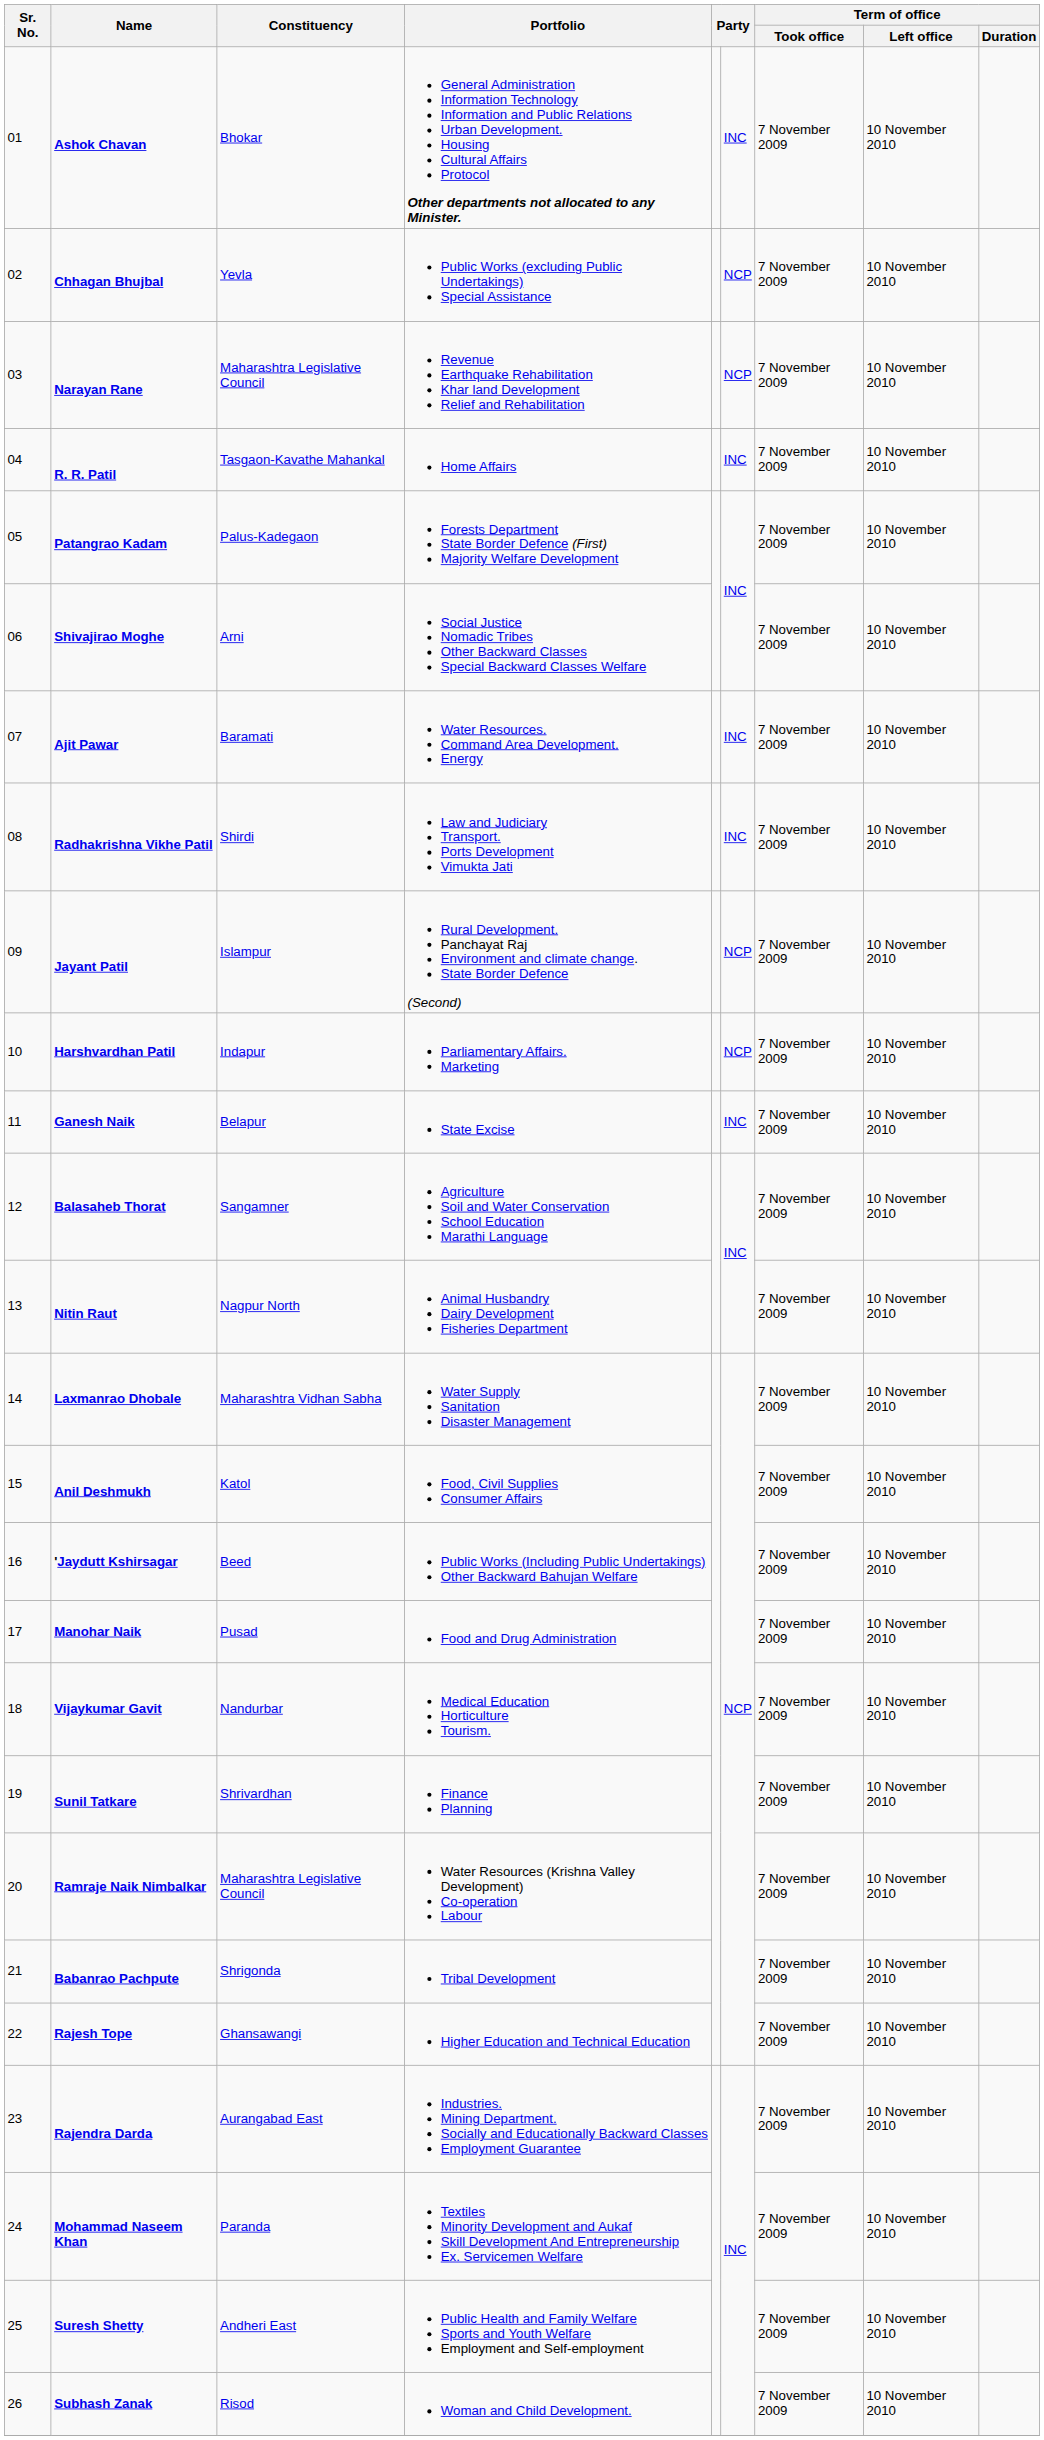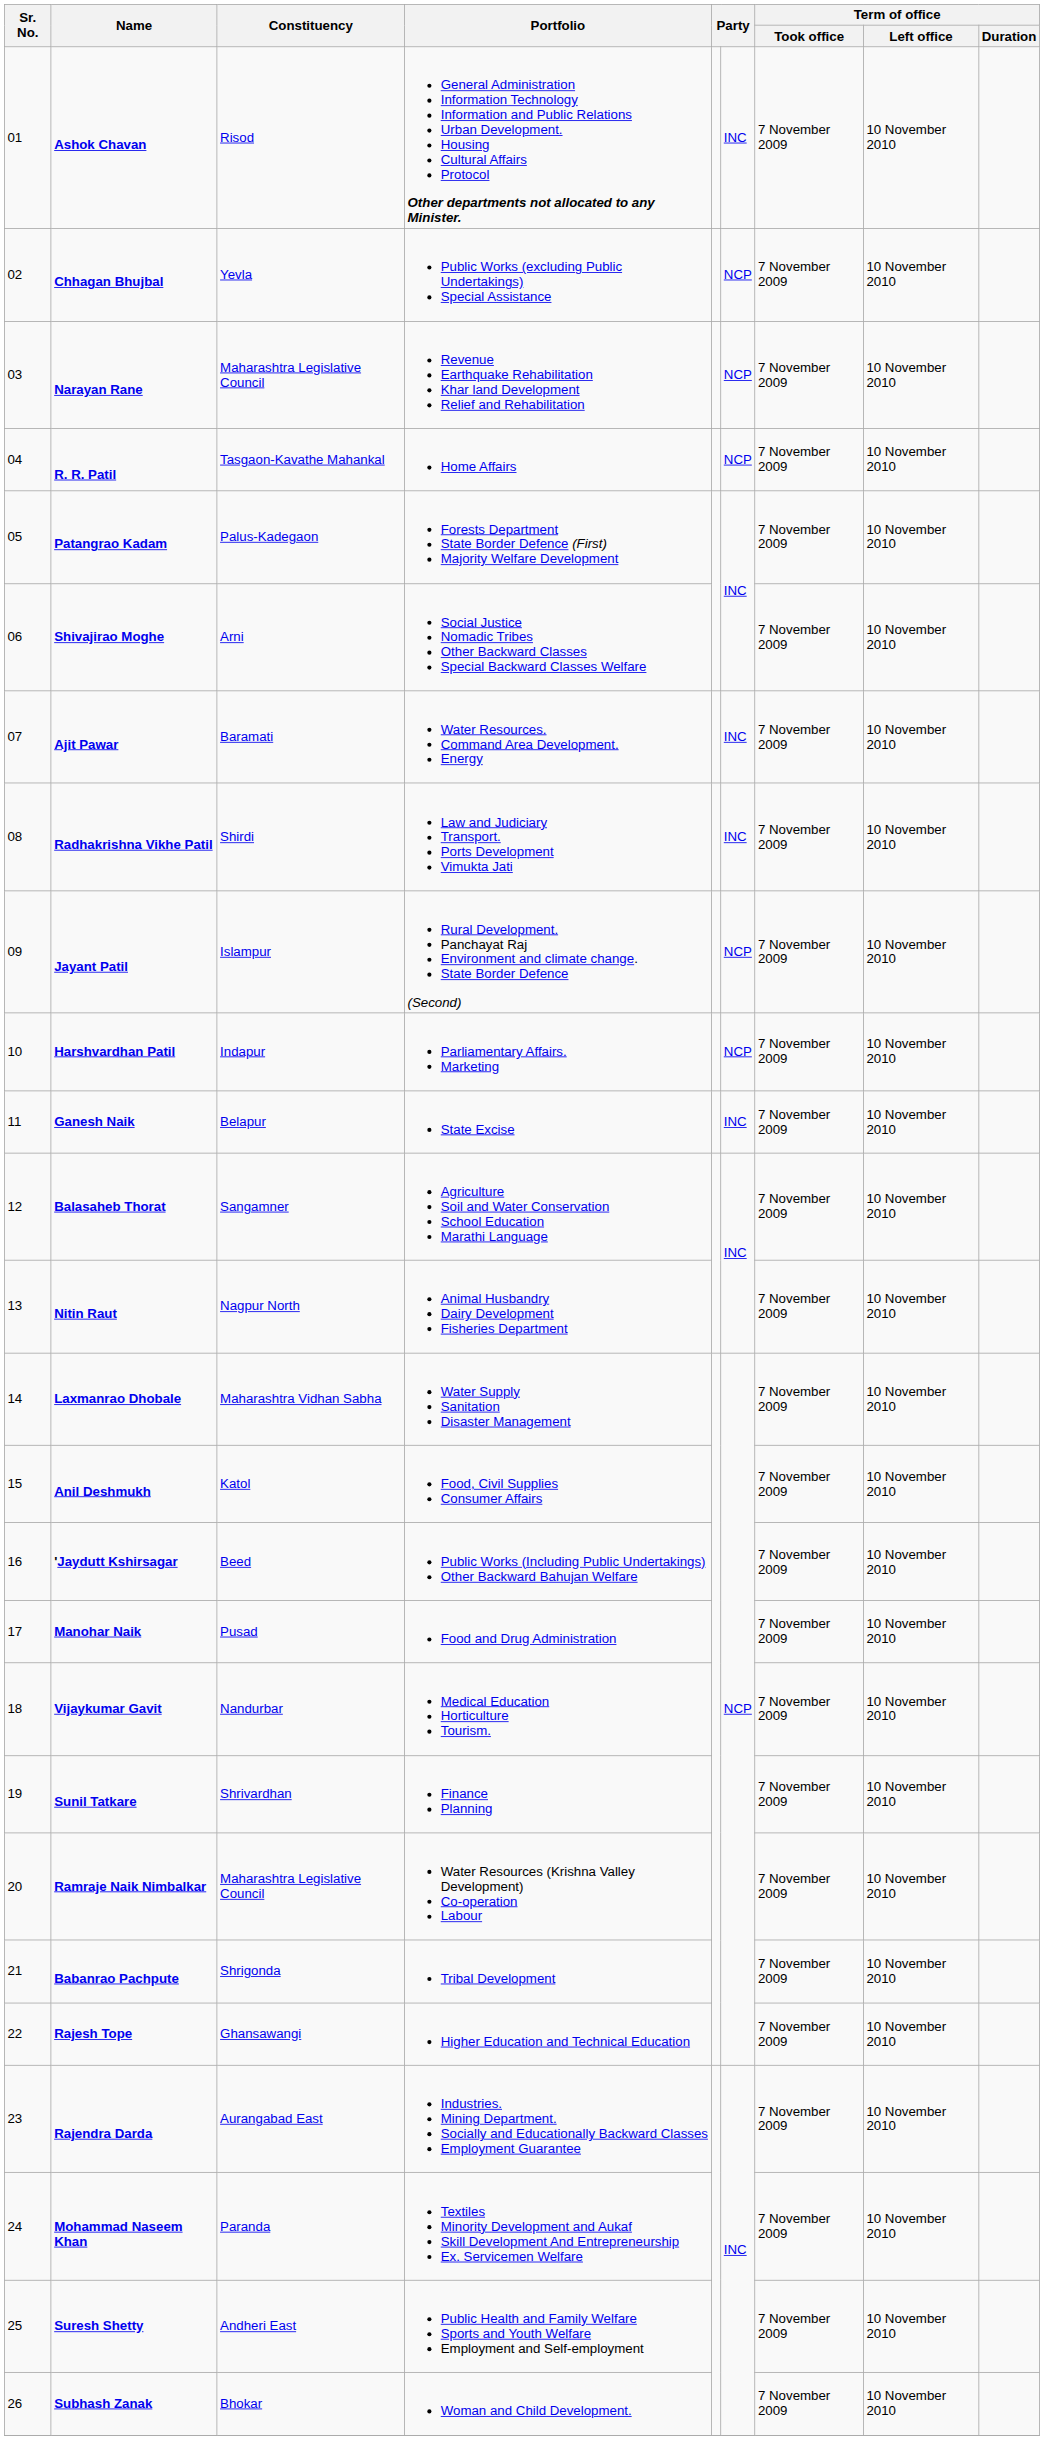 <table class="wikitable sortable">
 <tr>
 <th rowspan = "2">Sr. No.</th>
 <th rowspan = "2">Name</th>
 <th rowspan = "2">Constituency</th>
 <th rowspan = "2">Portfolio</th>
 <th rowspan = "2" colspan="2" scope="col">Party</th>
 <th colspan="3">Term of office</th>
 </tr>
 <tr>
 <th>Took office</th>
 <th>Left office</th>
 <th>Duration</th>
 </tr>
 <tr>
 <td>01</td>
 <td> <br><strong><a href='#'>Ashok Chavan</a></strong> <br></td>
-<td><a href='#'>Bhokar</a></td>
+<td><a href='#'>Risod</a></td>
 <td><br><ul><li><a href='#'>General Administration</a></li><li><a href='#'>Information Technology</a></li><li><a href='#'>Information and Public Relations</a></li><li><a href='#'>Urban Development.</a></li><li><a href='#'>Housing</a></li><li><a href='#'>Cultural Affairs</a></li><li><a href='#'>Protocol</a></li></ul><strong><em>Other departments not allocated to any Minister.</em></strong></td>
 <td width="4px"></td>
 <td><a href='#'>INC</a></td>
 <td>7 November 2009</td>
 <td>10 November 2010</td>
 <td></td>
 </tr>
 <tr>
 <td>02</td>
 <td> <br><strong><a href='#'>Chhagan Bhujbal</a></strong><br></td>
 <td><a href='#'>Yevla</a></td>
 <td><br><ul><li><a href='#'>Public Works (excluding Public Undertakings)</a></li><li><a href='#'>Special Assistance</a></li></ul></td>
 <td rowspan="1" width="4px"></td>
 <td rowspan="1"><a href='#'>NCP</a></td>
 <td>7 November 2009</td>
 <td>10 November 2010</td>
 <td></td>
 </tr>
 <tr>
 <td>03</td>
 <td> <br><br><strong><a href='#'>Narayan Rane</a></strong></td>
 <td><a href='#'>Maharashtra Legislative Council</a></td>
 <td><br><ul><li><a href='#'>Revenue</a></li><li><a href='#'>Earthquake Rehabilitation</a></li><li><a href='#'>Khar land Development</a></li><li><a href='#'>Relief and Rehabilitation</a></li></ul></td>
 <td width="4px"></td>
 <td rowspan="1"><a href='#'>NCP</a></td>
 <td>7 November 2009</td>
 <td>10 November 2010</td>
 <td></td>
 </tr>
 <tr>
 <td>04</td>
 <td> <br><br><strong><a href='#'>R. R. Patil</a></strong></td>
 <td><a href='#'>Tasgaon-Kavathe Mahankal</a></td>
 <td><br><ul><li><a href='#'>Home Affairs</a></li></ul></td>
 <td rowspan="1" width="4px"></td>
-<td rowspan="1"><a href='#'>INC</a></td>
+<td rowspan="1"><a href='#'>NCP</a></td>
 <td>7 November 2009</td>
 <td>10 November 2010</td>
 <td></td>
 </tr>
 <tr>
 <td>05</td>
 <td><br><strong><a href='#'>Patangrao Kadam</a></strong></td>
 <td><a href='#'>Palus-Kadegaon</a></td>
 <td><br><ul><li><a href='#'>Forests Department</a></li><li><a href='#'>State Border Defence</a> <em>(First)</em></li><li><a href='#'>Majority Welfare Development</a></li></ul></td>
 <td rowspan="2" width="4px"></td>
 <td rowspan="2"><a href='#'>INC</a></td>
 <td>7 November 2009</td>
 <td>10 November 2010</td>
 <td></td>
 </tr>
 <tr>
 <td>06</td>
 <td><strong><a href='#'>Shivajirao Moghe</a></strong></td>
 <td><a href='#'>Arni</a></td>
 <td><br><ul><li><a href='#'>Social Justice</a></li><li><a href='#'>Nomadic Tribes</a></li><li><a href='#'>Other Backward Classes</a></li><li><a href='#'>Special Backward Classes Welfare</a></li></ul></td>
 <td>7 November 2009</td>
 <td>10 November 2010</td>
 <td></td>
 </tr>
 <tr>
 <td>07</td>
 <td><br> <strong><a href='#'>Ajit Pawar</a></strong></td>
 <td><a href='#'>Baramati</a></td>
 <td><br><ul><li><a href='#'>Water Resources.</a></li><li><a href='#'>Command Area Development.</a></li><li><a href='#'>Energy</a></li></ul></td>
 <td rowspan="1" width="4px"></td>
 <td rowspan="1"><a href='#'>INC</a></td>
 <td>7 November 2009</td>
 <td>10 November 2010</td>
 <td></td>
 </tr>
 <tr>
 <td>08</td>
 <td><br> <strong><a href='#'>Radhakrishna Vikhe Patil</a></strong></td>
 <td><a href='#'>Shirdi</a></td>
 <td><br><ul><li><a href='#'>Law and Judiciary</a></li><li><a href='#'>Transport.</a></li><li><a href='#'>Ports Development</a></li><li><a href='#'>Vimukta Jati</a></li></ul></td>
 <td rowspan="1" width="4px"></td>
 <td rowspan="1"><a href='#'>INC</a></td>
 <td>7 November 2009</td>
 <td>10 November 2010</td>
 <td></td>
 </tr>
 <tr>
 <td>09</td>
 <td><br><br><strong><a href='#'>Jayant Patil</a></strong></td>
 <td><a href='#'>Islampur</a></td>
 <td><br><ul><li><a href='#'>Rural Development.</a></li><li>Panchayat Raj</li><li><a href='#'>Environment and climate change</a>.</li><li><a href='#'>State Border Defence</a></li></ul><em>(Second)</em></td>
 <td rowspan="1" width="4px"></td>
 <td rowspan="1"><a href='#'>NCP</a></td>
 <td>7 November 2009</td>
 <td>10 November 2010</td>
 <td></td>
 </tr>
 <tr>
 <td>10</td>
 <td><strong><a href='#'>Harshvardhan Patil</a></strong></td>
 <td><a href='#'>Indapur</a></td>
 <td><br><ul><li><a href='#'>Parliamentary Affairs.</a></li><li><a href='#'>Marketing</a></li></ul></td>
 <td rowspan="1" width="4px"></td>
 <td rowspan="1"><a href='#'>NCP</a></td>
 <td>7 November 2009</td>
 <td>10 November 2010</td>
 <td></td>
 </tr>
 <tr>
 <td>11</td>
 <td><strong><a href='#'>Ganesh Naik</a></strong></td>
 <td><a href='#'>Belapur</a></td>
 <td><br><ul><li><a href='#'>State Excise</a></li></ul></td>
 <td rowspan="1" width="4px"></td>
 <td rowspan="1"><a href='#'>INC</a></td>
 <td>7 November 2009</td>
 <td>10 November 2010</td>
 <td></td>
 </tr>
 <tr>
 <td>12</td>
 <td><strong><a href='#'>Balasaheb Thorat</a></strong></td>
 <td><a href='#'>Sangamner</a></td>
 <td><br><ul><li><a href='#'>Agriculture</a></li><li><a href='#'>Soil and Water Conservation</a></li><li><a href='#'>School Education</a></li><li><a href='#'>Marathi Language</a></li></ul></td>
 <td rowspan="2" width="4px"></td>
 <td rowspan="2"><a href='#'>INC</a></td>
 <td>7 November 2009</td>
 <td>10 November 2010</td>
 <td></td>
 </tr>
 <tr>
 <td>13</td>
 <td>  <br><strong><a href='#'>Nitin Raut</a></strong></td>
 <td><a href='#'>Nagpur North</a></td>
 <td><br><ul><li><a href='#'>Animal Husbandry</a></li><li><a href='#'>Dairy Development</a></li><li><a href='#'>Fisheries Department</a></li></ul></td>
 <td>7 November 2009</td>
 <td>10 November 2010</td>
 <td></td>
 </tr>
 <tr>
 <td>14</td>
 <td><strong><a href='#'>Laxmanrao Dhobale</a></strong></td>
 <td><a href='#'>Maharashtra Vidhan Sabha</a></td>
 <td><br><ul><li><a href='#'>Water Supply</a></li><li><a href='#'>Sanitation</a></li><li><a href='#'>Disaster Management</a></li></ul></td>
 <td rowspan="9" width="4px"></td>
 <td rowspan="9"><a href='#'>NCP</a></td>
 <td>7 November 2009</td>
 <td>10 November 2010</td>
 <td></td>
 </tr>
 <tr>
 <td>15</td>
 <td>  <br><strong><a href='#'>Anil Deshmukh</a></strong></td>
 <td><a href='#'>Katol</a></td>
 <td><br><ul><li><a href='#'>Food, Civil Supplies</a></li><li><a href='#'>Consumer Affairs</a></li></ul></td>
 <td>7 November 2009</td>
 <td>10 November 2010</td>
 <td></td>
 </tr>
 <tr>
 <td>16</td>
 <td><strong>'<a href='#'>Jaydutt Kshirsagar</a></strong></td>
 <td><a href='#'>Beed</a></td>
 <td><br><ul><li><a href='#'>Public Works (Including Public Undertakings)</a></li><li><a href='#'>Other Backward Bahujan Welfare</a></li></ul></td>
 <td>7 November 2009</td>
 <td>10 November 2010</td>
 <td></td>
 </tr>
 <tr>
 <td>17</td>
 <td><strong><a href='#'>Manohar Naik</a></strong></td>
 <td><a href='#'>Pusad</a></td>
 <td><br><ul><li><a href='#'>Food and Drug Administration</a></li></ul></td>
 <td>7 November 2009</td>
 <td>10 November 2010</td>
 <td></td>
 </tr>
 <tr>
 <td>18</td>
 <td><strong><a href='#'>Vijaykumar Gavit</a></strong></td>
 <td><a href='#'>Nandurbar</a></td>
 <td><br><ul><li><a href='#'>Medical Education</a></li><li><a href='#'>Horticulture</a></li><li><a href='#'>Tourism.</a></li></ul></td>
 <td>7 November 2009</td>
 <td>10 November 2010</td>
 <td></td>
 </tr>
 <tr>
 <td>19</td>
 <td> <br><strong><a href='#'>Sunil Tatkare</a></strong></td>
 <td><a href='#'>Shrivardhan</a></td>
 <td><br><ul><li><a href='#'>Finance</a></li><li><a href='#'>Planning</a></li></ul></td>
 <td>7 November 2009</td>
 <td>10 November 2010</td>
 <td></td>
 </tr>
 <tr>
 <td>20</td>
 <td><strong><a href='#'>Ramraje Naik Nimbalkar</a></strong></td>
 <td><a href='#'>Maharashtra Legislative Council</a></td>
 <td><br><ul><li>Water Resources (Krishna Valley Development)</li><li><a href='#'>Co-operation</a></li><li><a href='#'>Labour</a></li></ul></td>
 <td>7 November 2009</td>
 <td>10 November 2010</td>
 <td></td>
 </tr>
 <tr>
 <td>21</td>
 <td><br><strong><a href='#'>Babanrao Pachpute</a></strong></td>
 <td><a href='#'>Shrigonda</a></td>
 <td><br><ul><li><a href='#'>Tribal Development</a></li></ul></td>
 <td>7 November 2009</td>
 <td>10 November 2010</td>
 <td></td>
 </tr>
 <tr>
 <td>22</td>
 <td><strong><a href='#'>Rajesh Tope</a></strong></td>
 <td><a href='#'>Ghansawangi</a></td>
 <td><br><ul><li><a href='#'>Higher Education and Technical Education</a></li></ul></td>
 <td>7 November 2009</td>
 <td>10 November 2010</td>
 <td></td>
 </tr>
 <tr>
 <td>23</td>
 <td><br><br><strong><a href='#'>Rajendra Darda</a></strong></td>
 <td><a href='#'>Aurangabad East</a></td>
 <td><br><ul><li><a href='#'>Industries.</a></li><li><a href='#'>Mining Department.</a></li><li><a href='#'>Socially and Educationally Backward Classes</a></li><li><a href='#'>Employment Guarantee</a></li></ul></td>
 <td rowspan="4" width="4px"></td>
 <td rowspan="4"><a href='#'>INC</a></td>
 <td>7 November 2009</td>
 <td>10 November 2010</td>
 <td></td>
 </tr>
 <tr>
 <td>24</td>
 <td><br> <strong><a href='#'>Mohammad Naseem Khan</a></strong></td>
 <td><a href='#'>Paranda</a></td>
 <td><br><ul><li><a href='#'>Textiles</a></li><li><a href='#'>Minority Development and Aukaf</a></li><li><a href='#'>Skill Development And Entrepreneurship</a></li><li><a href='#'>Ex. Servicemen Welfare</a></li></ul></td>
 <td>7 November 2009</td>
 <td>10 November 2010</td>
 <td></td>
 </tr>
 <tr>
 <td>25</td>
 <td><strong><a href='#'>Suresh Shetty</a></strong></td>
 <td><a href='#'>Andheri East</a></td>
 <td><br><ul><li><a href='#'>Public Health and Family Welfare</a></li><li><a href='#'>Sports and Youth Welfare</a></li><li>Employment and Self-employment</li></ul></td>
 <td>7 November 2009</td>
 <td>10 November 2010</td>
 <td></td>
 </tr>
 <tr>
 <td>26</td>
 <td><strong><a href='#'>Subhash Zanak</a></strong></td>
-<td><a href='#'>Risod</a></td>
+<td><a href='#'>Bhokar</a></td>
 <td><br><ul><li><a href='#'>Woman and Child Development.</a></li></ul></td>
 <td>7 November 2009</td>
 <td>10 November 2010</td>
 <td></td>
 </tr>
 <tr>
 </tr>
 </table>
